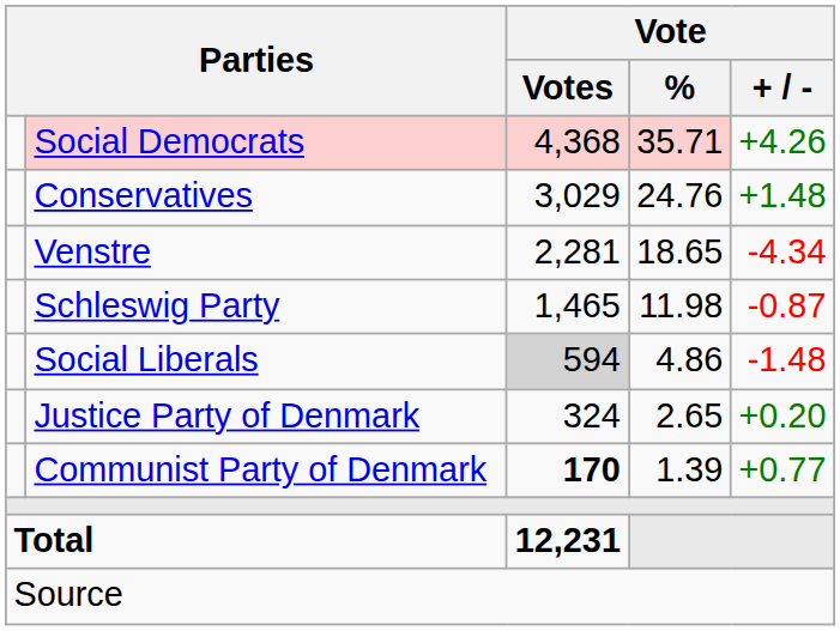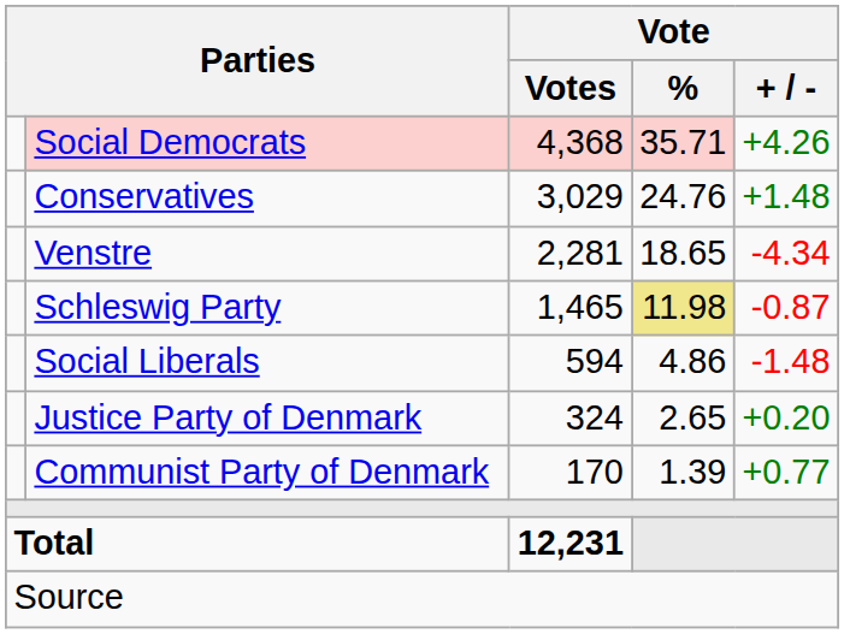 <table class="wikitable" style="text-align:right;">
 <tr>
 <th style="text-align:centre;" rowspan="2" colspan="2" width="225">Parties</th>
 <th colspan="3">Vote</th>
 </tr>
 <tr>
 <th width="15">Votes</th>
 <th width="15">%</th>
 <th width="15">+ / -</th>
 </tr>
 <tr>
 <td width="2" style="color:inherit;background:"></td>
 <td bgcolor=#fbd0ce  align="left"><a href='#'>Social Democrats</a></td>
 <td bgcolor=#fbd0ce>4,368</td>
 <td bgcolor=#fbd0ce>35.71</td>
 <td style=color:green;>+4.26</td>
 </tr>
 <tr>
 <td width="2" style="color:inherit;background:"></td>
 <td align="left"><a href='#'>Conservatives</a></td>
 <td>3,029</td>
 <td>24.76</td>
 <td style=color:green;>+1.48</td>
 </tr>
 <tr>
 <td width="2" style="color:inherit;background:"></td>
 <td align="left"><a href='#'>Venstre</a></td>
 <td>2,281</td>
 <td>18.65</td>
 <td style=color:red;>-4.34</td>
 </tr>
 <tr>
 <td width="2" style="color:inherit;background:"></td>
 <td align="left"><a href='#'>Schleswig Party</a></td>
 <td>1,465</td>
-<td>11.98</td>
+<td style="background: khaki;">11.98</td>
 <td style=color:red;>-0.87</td>
 </tr>
 <tr>
 <td width="2" style="color:inherit;background:"></td>
 <td align="left"><a href='#'>Social Liberals</a></td>
-<td style="background: lightgrey;">594</td>
+<td>594</td>
 <td>4.86</td>
 <td style=color:red;>-1.48</td>
 </tr>
 <tr>
 <td width="2" style="color:inherit;background:"></td>
 <td align="left"><a href='#'>Justice Party of Denmark</a></td>
 <td>324</td>
 <td>2.65</td>
 <td style=color:green;>+0.20</td>
 </tr>
 <tr>
 <td width="2" style="color:inherit;background:"></td>
 <td align="left"><a href='#'>Communist Party of Denmark</a></td>
-<td><strong>170</strong></td>
+<td>170</td>
 <td>1.39</td>
 <td style=color:green;>+0.77</td>
 </tr>
 <tr>
 <td colspan="7" bgcolor="#E9E9E9"></td>
 </tr>
 <tr>
 <td align="left" colspan="2"><strong>Total</strong></td>
 <td><strong>12,231</strong></td>
 <td bgcolor="#E9E9E9" colspan="2"></td>
 </tr>
 <tr>
 <td align="left" colspan="6">Source</td>
 </tr>
 </table>
